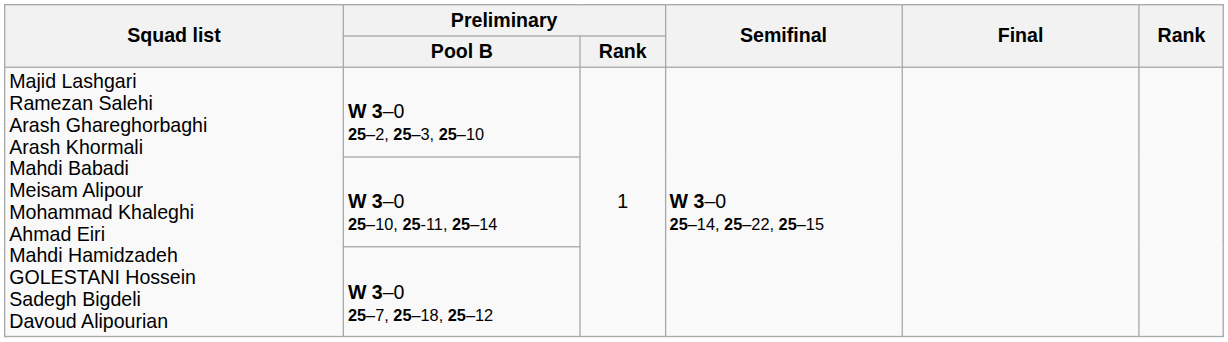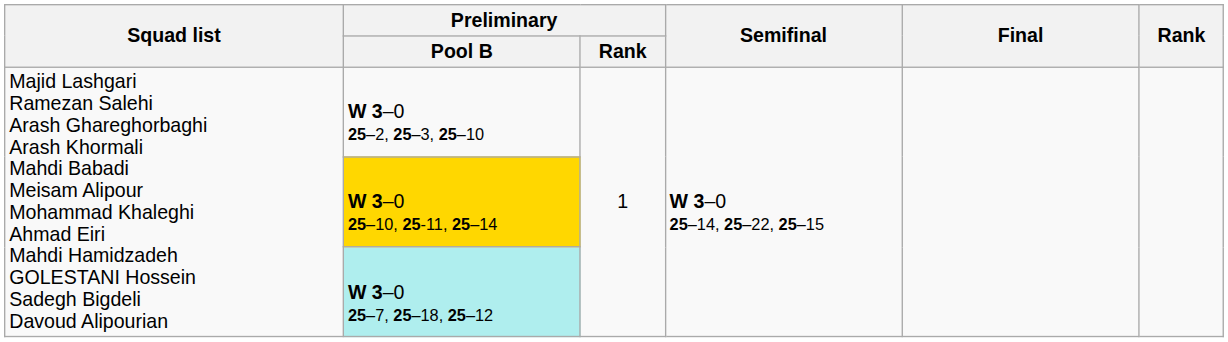 <table class="wikitable" width="71%" style="text-align:left; font-size:90%">
 <tr>
 <th rowspan="2" width="20%">Squad list</th>
 <th colspan="2">Preliminary</th>
 <th rowspan="2" width="14%">Semifinal</th>
 <th rowspan="2" width="14%">Final</th>
 <th rowspan="2" width="5%">Rank</th>
 </tr>
 <tr>
 <th width="14%">Pool B</th>
 <th width="5%">Rank</th>
 </tr>
 <tr>
 <td rowspan="3">Majid Lashgari<br>Ramezan Salehi<br>Arash Ghareghorbaghi<br>Arash Khormali<br>Mahdi Babadi<br>Meisam Alipour<br>Mohammad Khaleghi<br>Ahmad Eiri<br>Mahdi Hamidzadeh<br>GOLESTANI Hossein<br>Sadegh Bigdeli<br>Davoud Alipourian</td>
 <td><br><strong>W</strong> <strong>3</strong>–0<br><small><strong>25</strong>–2, <strong>25</strong>–3, <strong>25</strong>–10</small></td>
 <td rowspan="3" align=center>1 <strong></strong></td>
 <td rowspan="3"><br><strong>W</strong> <strong>3</strong>–0<br><small><strong>25</strong>–14, <strong>25</strong>–22, <strong>25</strong>–15</small></td>
 <td rowspan="3"><br></td>
 <td rowspan="3" align="center"></td>
 </tr>
 <tr>
-<td><br><strong>W</strong> <strong>3</strong>–0<br><small><strong>25</strong>–10, <strong>25</strong>-11, <strong>25</strong>–14</small></td>
+<td style="background: gold;"><br><strong>W</strong> <strong>3</strong>–0<br><small><strong>25</strong>–10, <strong>25</strong>-11, <strong>25</strong>–14</small></td>
 </tr>
 <tr>
-<td><br><strong>W</strong> <strong>3</strong>–0<br><small><strong>25</strong>–7, <strong>25</strong>–18, <strong>25</strong>–12</small></td>
+<td style="background: paleturquoise;"><br><strong>W</strong> <strong>3</strong>–0<br><small><strong>25</strong>–7, <strong>25</strong>–18, <strong>25</strong>–12</small></td>
 </tr>
 </table>
